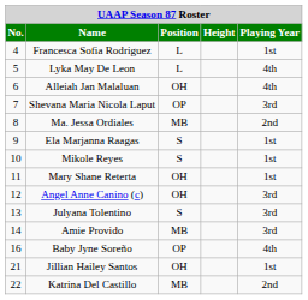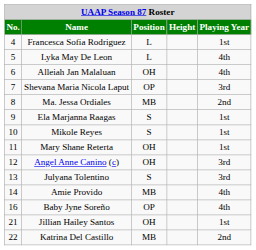 <table class="wikitable sortable" style="font-size:95%; text-align: center;">
 <tr style="background:#D4D4D4;">
 <td colspan="5" align="center"><strong><a href='#'>UAAP Season 87</a> Roster</strong></td>
 </tr>
 <tr>
 <th style="background:green; color:white">No.</th>
 <th style="background:green; color:white">Name</th>
 <th style="background:green; color:white">Position</th>
 <th style="background:green; color:white">Height</th>
 <th style="background:green; color:white">Playing Year</th>
 </tr>
 <tr>
 <td>4</td>
 <td>Francesca Sofia Rodriguez</td>
 <td>L</td>
 <td></td>
 <td>1st</td>
 </tr>
 <tr>
 <td>5</td>
 <td>Lyka May De Leon</td>
 <td>L</td>
 <td></td>
 <td>4th</td>
 </tr>
 <tr>
 <td>6</td>
 <td>Alleiah Jan Malaluan</td>
 <td>OH</td>
 <td></td>
 <td>4th</td>
 </tr>
 <tr>
 <td>7</td>
 <td>Shevana Maria Nicola Laput</td>
 <td>OP</td>
 <td></td>
 <td>3rd</td>
 </tr>
 <tr>
 <td>8</td>
 <td>Ma. Jessa Ordiales</td>
 <td>MB</td>
 <td></td>
 <td>2nd</td>
 </tr>
 <tr>
 <td>9</td>
 <td>Ela Marjanna Raagas</td>
 <td>S</td>
 <td></td>
 <td>1st</td>
 </tr>
 <tr>
 <td>10</td>
 <td>Mikole Reyes</td>
 <td>S</td>
 <td></td>
 <td>1st</td>
 </tr>
 <tr>
 <td>11</td>
 <td>Mary Shane Reterta</td>
 <td>OH</td>
 <td></td>
 <td>1st</td>
 </tr>
 <tr>
 <td>12</td>
 <td><a href='#'>Angel Anne Canino</a> (<a href='#'>c</a>)</td>
 <td>OH</td>
 <td></td>
 <td>3rd</td>
 </tr>
 <tr>
 <td>13</td>
 <td>Julyana Tolentino</td>
 <td>S</td>
 <td></td>
 <td>3rd</td>
 </tr>
 <tr>
 <td>14</td>
 <td>Amie Provido</td>
 <td>MB</td>
 <td></td>
-<td>3rd</td>
+<td>4th</td>
 </tr>
 <tr>
 <td>16</td>
 <td>Baby Jyne Soreño</td>
 <td>OP</td>
 <td></td>
 <td>4th</td>
 </tr>
 <tr>
 <td>21</td>
 <td>Jillian Hailey Santos</td>
 <td>OH</td>
 <td></td>
 <td>1st</td>
 </tr>
 <tr>
 <td>22</td>
 <td>Katrina Del Castillo</td>
 <td>MB</td>
 <td></td>
 <td>2nd</td>
 </tr>
 </table>
